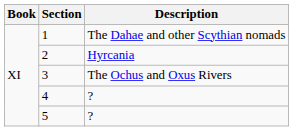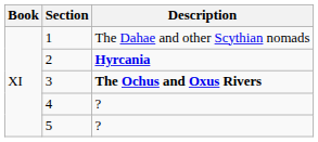 <table class="wikitable" style="max-width:45em;">
 <tr>
 <th>Book</th>
 <th>Section</th>
 <th>Description</th>
 </tr>
 <tr>
 <td rowspan="5">XI</td>
 <td>1</td>
 <td>The <a href='#'>Dahae</a> and other <a href='#'>Scythian</a> nomads</td>
 </tr>
 <tr>
 <td>2</td>
-<td><a href='#'>Hyrcania</a></td>
+<td><strong><a href='#'>Hyrcania</a></strong></td>
 </tr>
 <tr>
 <td>3</td>
-<td>The <a href='#'>Ochus</a> and <a href='#'>Oxus</a> Rivers</td>
+<td><strong>The <a href='#'>Ochus</a> and <a href='#'>Oxus</a> Rivers</strong></td>
 </tr>
 <tr>
 <td>4</td>
 <td>?</td>
 </tr>
 <tr>
 <td>5</td>
 <td>?</td>
 </tr>
 </table>
